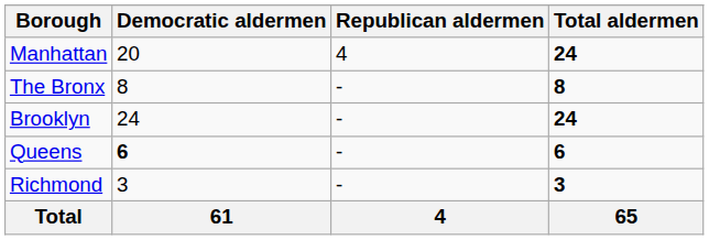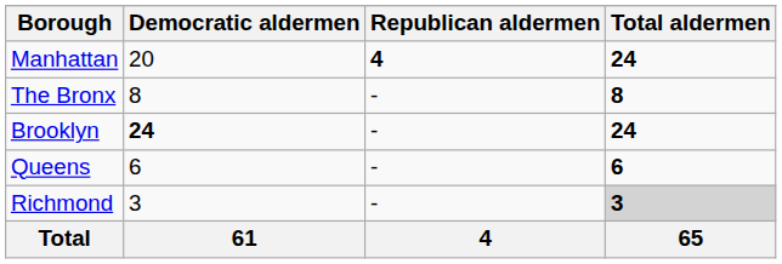 <table class = "wikitable">
 <tr>
 </tr>
 <tr>
 <th>Borough</th>
 <th>Democratic aldermen</th>
 <th>Republican aldermen</th>
 <th>Total aldermen</th>
 </tr>
 <tr>
 <td><a href='#'>Manhattan</a></td>
 <td>20</td>
-<td>4</td>
+<td><strong>4</strong></td>
 <td><strong>24</strong></td>
 </tr>
 <tr>
 <td><a href='#'>The Bronx</a></td>
 <td>8</td>
 <td>-</td>
 <td><strong>8</strong></td>
 </tr>
 <tr>
 <td><a href='#'>Brooklyn</a></td>
-<td>24</td>
+<td><strong>24</strong></td>
 <td>-</td>
 <td><strong>24</strong></td>
 </tr>
 <tr>
 <td><a href='#'>Queens</a></td>
-<td><strong>6</strong></td>
+<td>6</td>
 <td>-</td>
 <td><strong>6</strong></td>
 </tr>
 <tr>
 <td><a href='#'>Richmond</a></td>
 <td>3</td>
 <td>-</td>
-<td><strong>3</strong></td>
+<td style="background: lightgrey;"><strong>3</strong></td>
 </tr>
 <tr>
 <th>Total</th>
 <th>61</th>
 <th>4</th>
 <th>65</th>
 </tr>
 </table>
